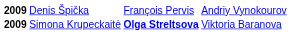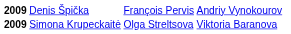 <table>
 <tr>
 <th>2009</th>
 <td> <a href='#'>Denis Špička</a></td>
 <td> <a href='#'>François Pervis</a></td>
 <td> <a href='#'>Andriy Vynokourov</a></td>
 </tr>
 <tr>
 <th>2009</th>
 <td> <a href='#'>Simona Krupeckaitė</a></td>
-<td><strong> <a href='#'>Olga Streltsova</a></strong></td>
+<td> <a href='#'>Olga Streltsova</a></td>
 <td> <a href='#'>Viktoria Baranova</a></td>
 </tr>
 </table>
